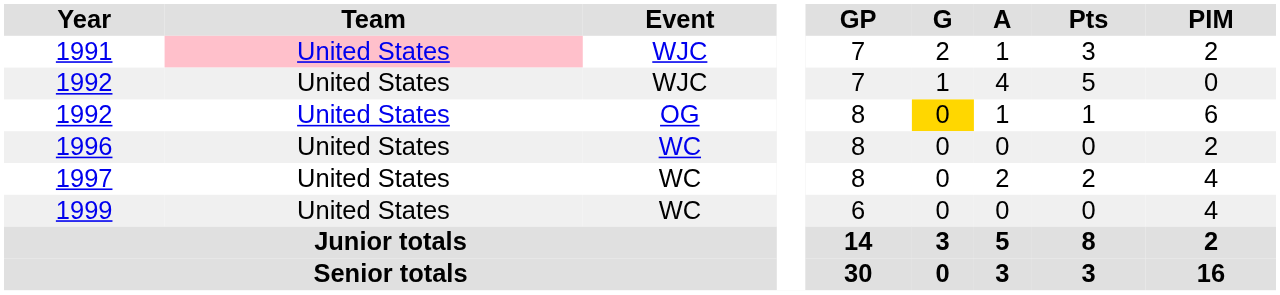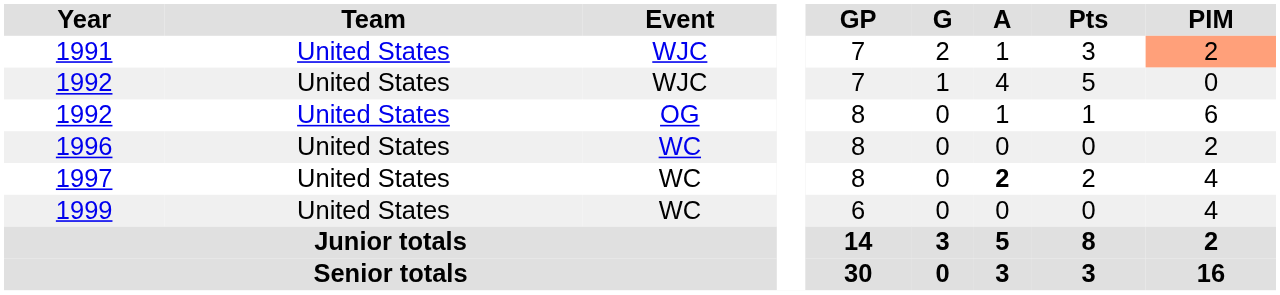 <table border="0" cellpadding="1" cellspacing="0" style="text-align:center; width:50em">
 <tr ALIGN="center" bgcolor="#e0e0e0">
 <th>Year</th>
 <th>Team</th>
 <th>Event</th>
 <th rowspan="99" bgcolor="#ffffff"> </th>
 <th>GP</th>
 <th>G</th>
 <th>A</th>
 <th>Pts</th>
 <th>PIM</th>
 </tr>
 <tr>
 <td><a href='#'>1991</a></td>
-<td style="background: pink;"><a href='#'>United States</a></td>
+<td><a href='#'>United States</a></td>
 <td><a href='#'>WJC</a></td>
 <td>7</td>
 <td>2</td>
 <td>1</td>
 <td>3</td>
-<td>2</td>
+<td style="background: lightsalmon;">2</td>
 </tr>
 <tr bgcolor="#f0f0f0">
 <td><a href='#'>1992</a></td>
 <td>United States</td>
 <td>WJC</td>
 <td>7</td>
 <td>1</td>
 <td>4</td>
 <td>5</td>
 <td>0</td>
 </tr>
 <tr>
 <td><a href='#'>1992</a></td>
 <td><a href='#'>United States</a></td>
 <td><a href='#'>OG</a></td>
 <td>8</td>
-<td style="background: gold;">0</td>
+<td>0</td>
 <td>1</td>
 <td>1</td>
 <td>6</td>
 </tr>
 <tr bgcolor="#f0f0f0">
 <td><a href='#'>1996</a></td>
 <td>United States</td>
 <td><a href='#'>WC</a></td>
 <td>8</td>
 <td>0</td>
 <td>0</td>
 <td>0</td>
 <td>2</td>
 </tr>
 <tr>
 <td><a href='#'>1997</a></td>
 <td>United States</td>
 <td>WC</td>
 <td>8</td>
 <td>0</td>
-<td>2</td>
+<td><strong>2</strong></td>
 <td>2</td>
 <td>4</td>
 </tr>
 <tr bgcolor="#f0f0f0">
 <td><a href='#'>1999</a></td>
 <td>United States</td>
 <td>WC</td>
 <td>6</td>
 <td>0</td>
 <td>0</td>
 <td>0</td>
 <td>4</td>
 </tr>
 <tr bgcolor="#e0e0e0">
 <th colspan=3>Junior totals</th>
 <th>14</th>
 <th>3</th>
 <th>5</th>
 <th>8</th>
 <th>2</th>
 </tr>
 <tr bgcolor="#e0e0e0">
 <th colspan=3>Senior totals</th>
 <th>30</th>
 <th>0</th>
 <th>3</th>
 <th>3</th>
 <th>16</th>
 </tr>
 </table>
